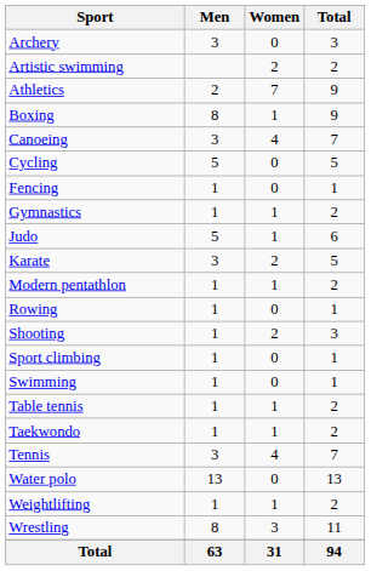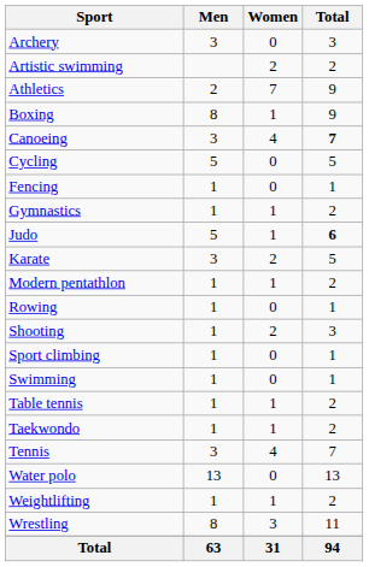 <table class="wikitable sortable" style="text-align:center;">
 <tr>
 <th width=180>Sport</th>
 <th width=55>Men</th>
 <th width=55>Women</th>
 <th width=55>Total</th>
 </tr>
 <tr>
 <td align=left><a href='#'>Archery</a></td>
 <td>3</td>
 <td>0</td>
 <td>3</td>
 </tr>
 <tr>
 <td align=left><a href='#'>Artistic swimming</a></td>
 <td></td>
 <td>2</td>
 <td>2</td>
 </tr>
 <tr>
 <td align=left><a href='#'>Athletics</a></td>
 <td>2</td>
 <td>7</td>
 <td>9</td>
 </tr>
 <tr>
 <td align=left><a href='#'>Boxing</a></td>
 <td>8</td>
 <td>1</td>
 <td>9</td>
 </tr>
 <tr>
 <td align=left><a href='#'>Canoeing</a></td>
 <td>3</td>
 <td>4</td>
-<td>7</td>
+<td><strong>7</strong></td>
 </tr>
 <tr>
 <td align=left><a href='#'>Cycling</a></td>
 <td>5</td>
 <td>0</td>
 <td>5</td>
 </tr>
 <tr>
 <td align=left><a href='#'>Fencing</a></td>
 <td>1</td>
 <td>0</td>
 <td>1</td>
 </tr>
 <tr>
 <td align=left><a href='#'>Gymnastics</a></td>
 <td>1</td>
 <td>1</td>
 <td>2</td>
 </tr>
 <tr>
 <td align=left><a href='#'>Judo</a></td>
 <td>5</td>
 <td>1</td>
-<td>6</td>
+<td><strong>6</strong></td>
 </tr>
 <tr>
 <td align=left><a href='#'>Karate</a></td>
 <td>3</td>
 <td>2</td>
 <td>5</td>
 </tr>
 <tr>
 <td align=left><a href='#'>Modern pentathlon</a></td>
 <td>1</td>
 <td>1</td>
 <td>2</td>
 </tr>
 <tr>
 <td align=left><a href='#'>Rowing</a></td>
 <td>1</td>
 <td>0</td>
 <td>1</td>
 </tr>
 <tr>
 <td align=left><a href='#'>Shooting</a></td>
 <td>1</td>
 <td>2</td>
 <td>3</td>
 </tr>
 <tr>
 <td align=left><a href='#'>Sport climbing</a></td>
 <td>1</td>
 <td>0</td>
 <td>1</td>
 </tr>
 <tr>
 <td align=left><a href='#'>Swimming</a></td>
 <td>1</td>
 <td>0</td>
 <td>1</td>
 </tr>
 <tr>
 <td align=left><a href='#'>Table tennis</a></td>
 <td>1</td>
 <td>1</td>
 <td>2</td>
 </tr>
 <tr>
 <td align=left><a href='#'>Taekwondo</a></td>
 <td>1</td>
 <td>1</td>
 <td>2</td>
 </tr>
 <tr>
 <td align=left><a href='#'>Tennis</a></td>
 <td>3</td>
 <td>4</td>
 <td>7</td>
 </tr>
 <tr>
 <td align=left><a href='#'>Water polo</a></td>
 <td>13</td>
 <td>0</td>
 <td>13</td>
 </tr>
 <tr>
 <td align=left><a href='#'>Weightlifting</a></td>
 <td>1</td>
 <td>1</td>
 <td>2</td>
 </tr>
 <tr>
 <td align=left><a href='#'>Wrestling</a></td>
 <td>8</td>
 <td>3</td>
 <td>11</td>
 </tr>
 <tr>
 </tr>
 <tr class="sortbottom">
 <th>Total</th>
 <th>63</th>
 <th>31</th>
 <th>94</th>
 </tr>
 </table>
